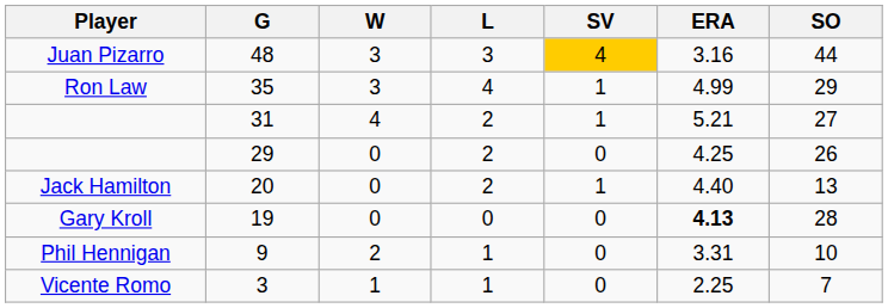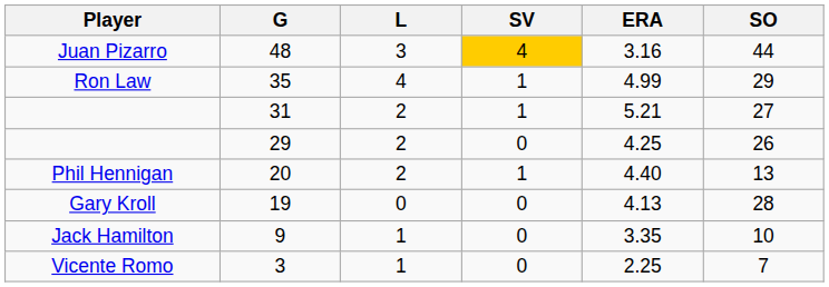 <table class="wikitable sortable">
 <tr>
 <th bgcolor="#DDDDFF" width="16%">Player</th>
 <th bgcolor="#DDDDFF" width="9%">G</th>
-<th bgcolor="#DDDDFF" width="9%">W</th>
 <th bgcolor="#DDDDFF" width="9%">L</th>
 <th bgcolor="#DDDDFF" width="9%">SV</th>
 <th bgcolor="#DDDDFF" width="9%">ERA</th>
 <th bgcolor="#DDDDFF" width="9%">SO</th>
 </tr>
 <tr align="center">
 <td><a href='#'>Juan Pizarro</a></td>
 <td>48</td>
 <td>3</td>
-<td>3</td>
 <td style="background:#fc0;">4</td>
 <td>3.16</td>
 <td>44</td>
 </tr>
 <tr align=center>
 <td><a href='#'>Ron Law</a></td>
 <td>35</td>
-<td>3</td>
 <td>4</td>
 <td>1</td>
 <td>4.99</td>
 <td>29</td>
 </tr>
 <tr align=center>
 <td></td>
 <td>31</td>
-<td>4</td>
 <td>2</td>
 <td>1</td>
 <td>5.21</td>
 <td>27</td>
 </tr>
 <tr align="center">
 <td></td>
 <td>29</td>
-<td>0</td>
 <td>2</td>
 <td>0</td>
 <td>4.25</td>
 <td>26</td>
 </tr>
 <tr align="center">
-<td><a href='#'>Jack Hamilton</a></td>
+<td><a href='#'>Phil Hennigan</a></td>
 <td>20</td>
-<td>0</td>
 <td>2</td>
 <td>1</td>
 <td>4.40</td>
 <td>13</td>
 </tr>
 <tr align=center>
 <td><a href='#'>Gary Kroll</a></td>
 <td>19</td>
 <td>0</td>
 <td>0</td>
-<td>0</td>
-<td><strong>4.13</strong></td>
+<td>4.13</td>
 <td>28</td>
 </tr>
 <tr align=center>
-<td><a href='#'>Phil Hennigan</a></td>
+<td><a href='#'>Jack Hamilton</a></td>
 <td>9</td>
-<td>2</td>
 <td>1</td>
 <td>0</td>
-<td>3.31</td>
+<td>3.35</td>
 <td>10</td>
 </tr>
 <tr align=center>
 <td><a href='#'>Vicente Romo</a></td>
 <td>3</td>
 <td>1</td>
-<td>1</td>
 <td>0</td>
 <td>2.25</td>
 <td>7</td>
 </tr>
 </table>
